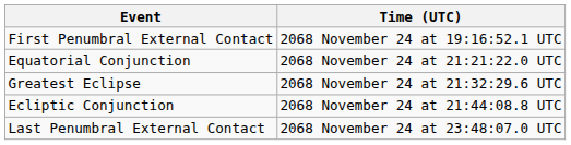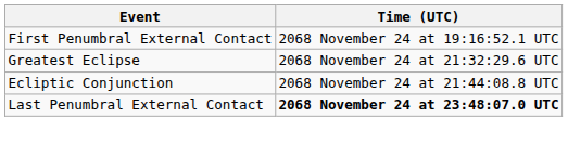 <table class="wikitable">
 <tr>
 <th>Event</th>
 <th>Time (UTC)</th>
 </tr>
 <tr>
 <td>First Penumbral External Contact</td>
 <td>2068 November 24 at 19:16:52.1 UTC</td>
-</tr>
-<tr>
-<td>Equatorial Conjunction</td>
-<td>2068 November 24 at 21:21:22.0 UTC</td>
 </tr>
 <tr>
 <td>Greatest Eclipse</td>
 <td>2068 November 24 at 21:32:29.6 UTC</td>
 </tr>
 <tr>
 <td>Ecliptic Conjunction</td>
 <td>2068 November 24 at 21:44:08.8 UTC</td>
 </tr>
 <tr>
 <td>Last Penumbral External Contact</td>
-<td>2068 November 24 at 23:48:07.0 UTC</td>
+<td><strong>2068 November 24 at 23:48:07.0 UTC</strong></td>
 </tr>
 </table>
